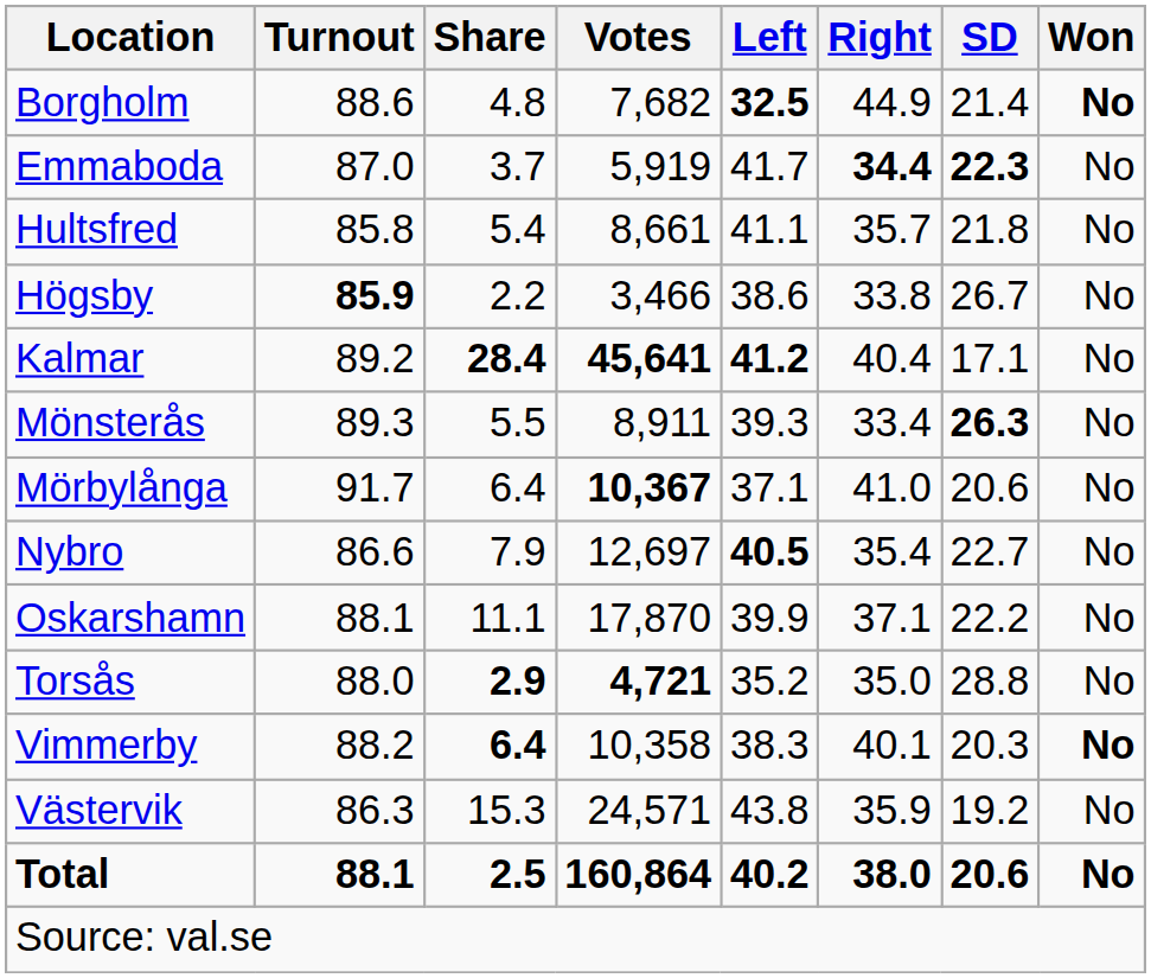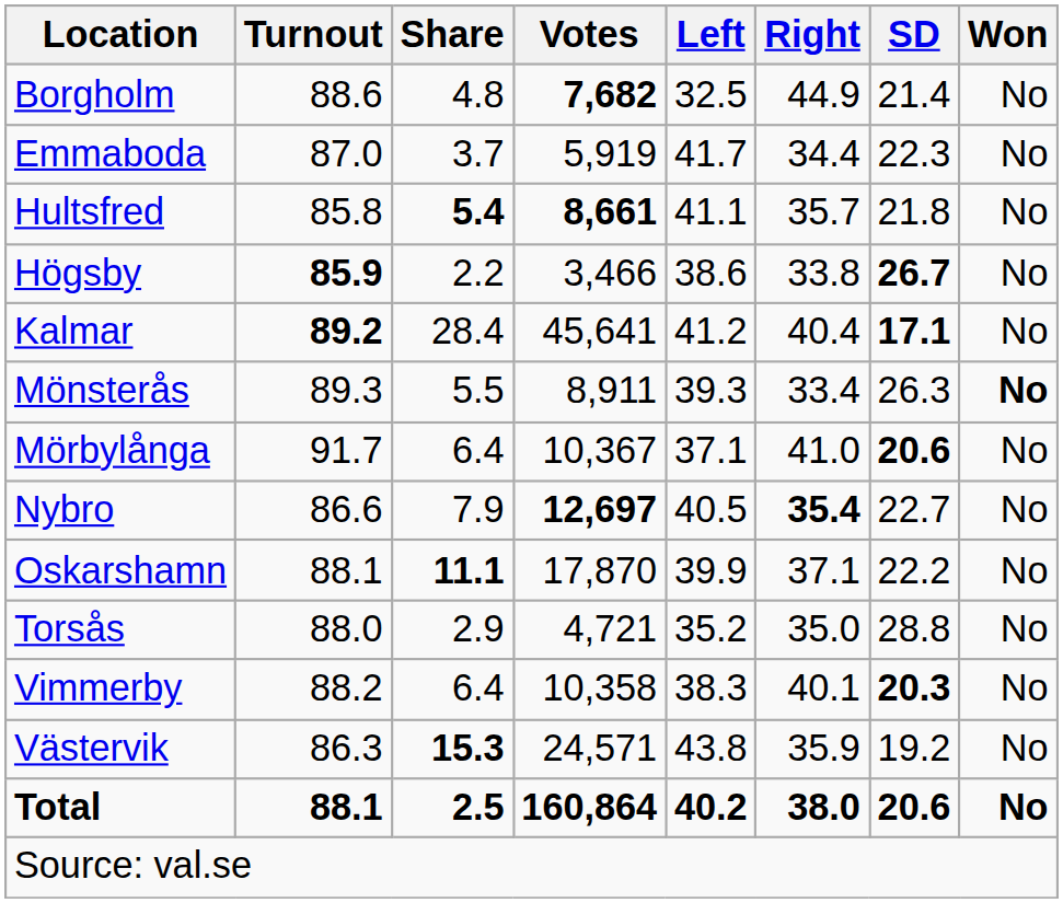 <table class="wikitable sortable" style=text-align:right>
 <tr>
 <th>Location</th>
 <th>Turnout</th>
 <th>Share</th>
 <th>Votes</th>
 <th><a href='#'>Left</a></th>
 <th><a href='#'>Right</a></th>
 <th><a href='#'>SD</a></th>
 <th>Won</th>
 </tr>
 <tr>
 <td align=left><a href='#'>Borgholm</a></td>
 <td>88.6</td>
 <td>4.8</td>
-<td>7,682</td>
-<td><strong>32.5</strong></td>
+<td><strong>7,682</strong></td>
+<td>32.5</td>
 <td>44.9</td>
 <td>21.4</td>
-<td><strong>No</strong></td>
+<td>No</td>
 </tr>
 <tr>
 <td align=left><a href='#'>Emmaboda</a></td>
 <td>87.0</td>
 <td>3.7</td>
 <td>5,919</td>
 <td>41.7</td>
-<td><strong>34.4</strong></td>
-<td><strong>22.3</strong></td>
+<td>34.4</td>
+<td>22.3</td>
 <td>No</td>
 </tr>
 <tr>
 <td align=left><a href='#'>Hultsfred</a></td>
 <td>85.8</td>
-<td>5.4</td>
-<td>8,661</td>
+<td><strong>5.4</strong></td>
+<td><strong>8,661</strong></td>
 <td>41.1</td>
 <td>35.7</td>
 <td>21.8</td>
 <td>No</td>
 </tr>
 <tr>
 <td align=left><a href='#'>Högsby</a></td>
 <td><strong>85.9</strong></td>
 <td>2.2</td>
 <td>3,466</td>
 <td>38.6</td>
 <td>33.8</td>
-<td>26.7</td>
+<td><strong>26.7</strong></td>
 <td>No</td>
 </tr>
 <tr>
 <td align=left><a href='#'>Kalmar</a></td>
-<td>89.2</td>
-<td><strong>28.4</strong></td>
-<td><strong>45,641</strong></td>
-<td><strong>41.2</strong></td>
+<td><strong>89.2</strong></td>
+<td>28.4</td>
+<td>45,641</td>
+<td>41.2</td>
 <td>40.4</td>
-<td>17.1</td>
+<td><strong>17.1</strong></td>
 <td>No</td>
 </tr>
 <tr>
 <td align=left><a href='#'>Mönsterås</a></td>
 <td>89.3</td>
 <td>5.5</td>
 <td>8,911</td>
 <td>39.3</td>
 <td>33.4</td>
-<td><strong>26.3</strong></td>
-<td>No</td>
+<td>26.3</td>
+<td><strong>No</strong></td>
 </tr>
 <tr>
 <td align=left><a href='#'>Mörbylånga</a></td>
 <td>91.7</td>
 <td>6.4</td>
-<td><strong>10,367</strong></td>
+<td>10,367</td>
 <td>37.1</td>
 <td>41.0</td>
-<td>20.6</td>
+<td><strong>20.6</strong></td>
 <td>No</td>
 </tr>
 <tr>
 <td align=left><a href='#'>Nybro</a></td>
 <td>86.6</td>
 <td>7.9</td>
-<td>12,697</td>
-<td><strong>40.5</strong></td>
-<td>35.4</td>
+<td><strong>12,697</strong></td>
+<td>40.5</td>
+<td><strong>35.4</strong></td>
 <td>22.7</td>
 <td>No</td>
 </tr>
 <tr>
 <td align=left><a href='#'>Oskarshamn</a></td>
 <td>88.1</td>
-<td>11.1</td>
+<td><strong>11.1</strong></td>
 <td>17,870</td>
 <td>39.9</td>
 <td>37.1</td>
 <td>22.2</td>
 <td>No</td>
 </tr>
 <tr>
 <td align=left><a href='#'>Torsås</a></td>
 <td>88.0</td>
-<td><strong>2.9</strong></td>
-<td><strong>4,721</strong></td>
+<td>2.9</td>
+<td>4,721</td>
 <td>35.2</td>
 <td>35.0</td>
 <td>28.8</td>
 <td>No</td>
 </tr>
 <tr>
 <td align=left><a href='#'>Vimmerby</a></td>
 <td>88.2</td>
-<td><strong>6.4</strong></td>
+<td>6.4</td>
 <td>10,358</td>
 <td>38.3</td>
 <td>40.1</td>
-<td>20.3</td>
-<td><strong>No</strong></td>
+<td><strong>20.3</strong></td>
+<td>No</td>
 </tr>
 <tr>
 <td align=left><a href='#'>Västervik</a></td>
 <td>86.3</td>
-<td>15.3</td>
+<td><strong>15.3</strong></td>
 <td>24,571</td>
 <td>43.8</td>
 <td>35.9</td>
 <td>19.2</td>
 <td>No</td>
 </tr>
 <tr>
 <td align=left><strong>Total</strong></td>
 <td><strong>88.1</strong></td>
 <td><strong>2.5</strong></td>
 <td><strong>160,864</strong></td>
 <td><strong>40.2</strong></td>
 <td><strong>38.0</strong></td>
 <td><strong>20.6</strong></td>
 <td><strong>No</strong></td>
 </tr>
 <tr>
 <td align=left colspan=8>Source: val.se</td>
 </tr>
 </table>
